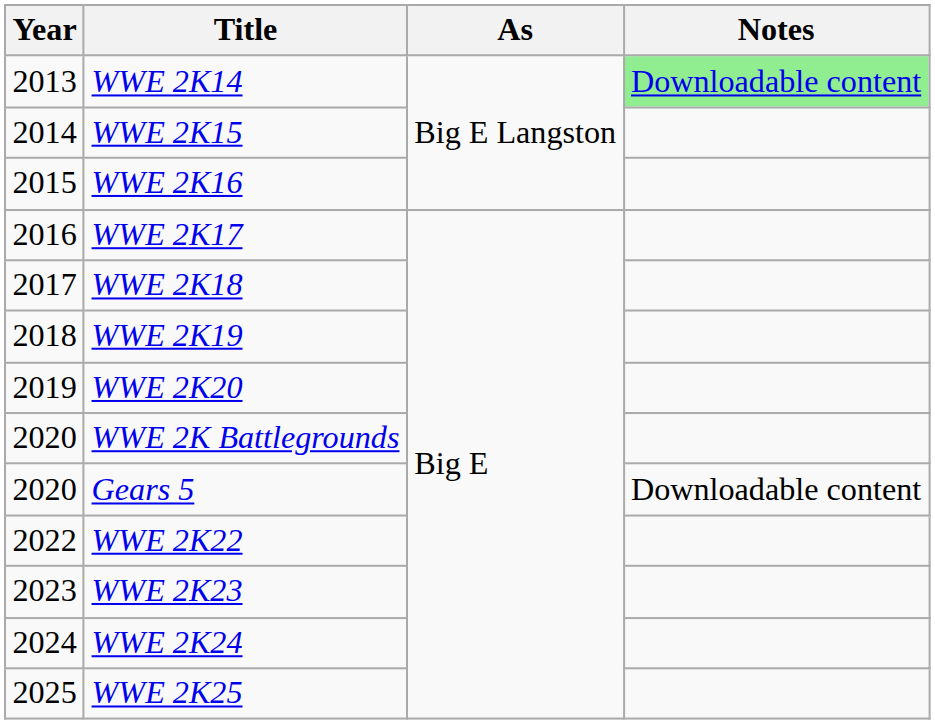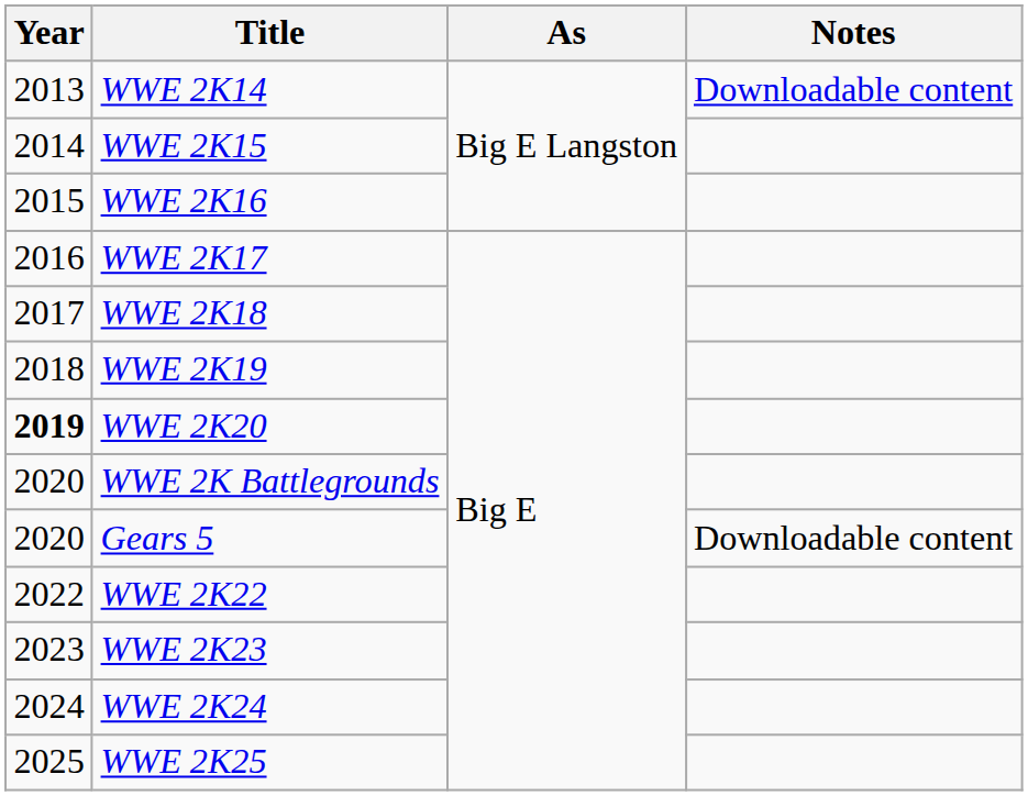 <table class="wikitable source">
 <tr>
 <th>Year</th>
 <th>Title</th>
 <th>As</th>
 <th class="unsortable">Notes</th>
 </tr>
 <tr>
 <td>2013</td>
 <td><em><a href='#'>WWE 2K14</a></em></td>
 <td rowspan=3>Big E Langston</td>
-<td style="background: lightgreen;"><a href='#'>Downloadable content</a></td>
+<td><a href='#'>Downloadable content</a></td>
 </tr>
 <tr>
 <td>2014</td>
 <td><em><a href='#'>WWE 2K15</a></em></td>
 <td></td>
 </tr>
 <tr>
 <td>2015</td>
 <td><em><a href='#'>WWE 2K16</a></em></td>
 <td></td>
 </tr>
 <tr>
 <td>2016</td>
 <td><em><a href='#'>WWE 2K17</a></em></td>
 <td rowspan=10>Big E</td>
 <td></td>
 </tr>
 <tr>
 <td>2017</td>
 <td><em><a href='#'>WWE 2K18</a></em></td>
 <td></td>
 </tr>
 <tr>
 <td>2018</td>
 <td><em><a href='#'>WWE 2K19</a></em></td>
 <td></td>
 </tr>
 <tr>
-<td>2019</td>
+<td><strong>2019</strong></td>
 <td><em><a href='#'>WWE 2K20</a></em></td>
 <td></td>
 </tr>
 <tr>
 <td>2020</td>
 <td><em><a href='#'>WWE 2K Battlegrounds</a></em></td>
 <td></td>
 </tr>
 <tr>
 <td>2020</td>
 <td><em><a href='#'>Gears 5</a></em></td>
 <td>Downloadable content</td>
 </tr>
 <tr>
 <td>2022</td>
 <td><em><a href='#'>WWE 2K22</a></em></td>
 <td></td>
 </tr>
 <tr>
 <td>2023</td>
 <td><em><a href='#'>WWE 2K23</a></em></td>
 <td></td>
 </tr>
 <tr>
 <td>2024</td>
 <td><em><a href='#'>WWE 2K24</a></em></td>
 <td></td>
 </tr>
 <tr>
 <td>2025</td>
 <td><em><a href='#'>WWE 2K25</a></em></td>
 <td></td>
 </tr>
 </table>
